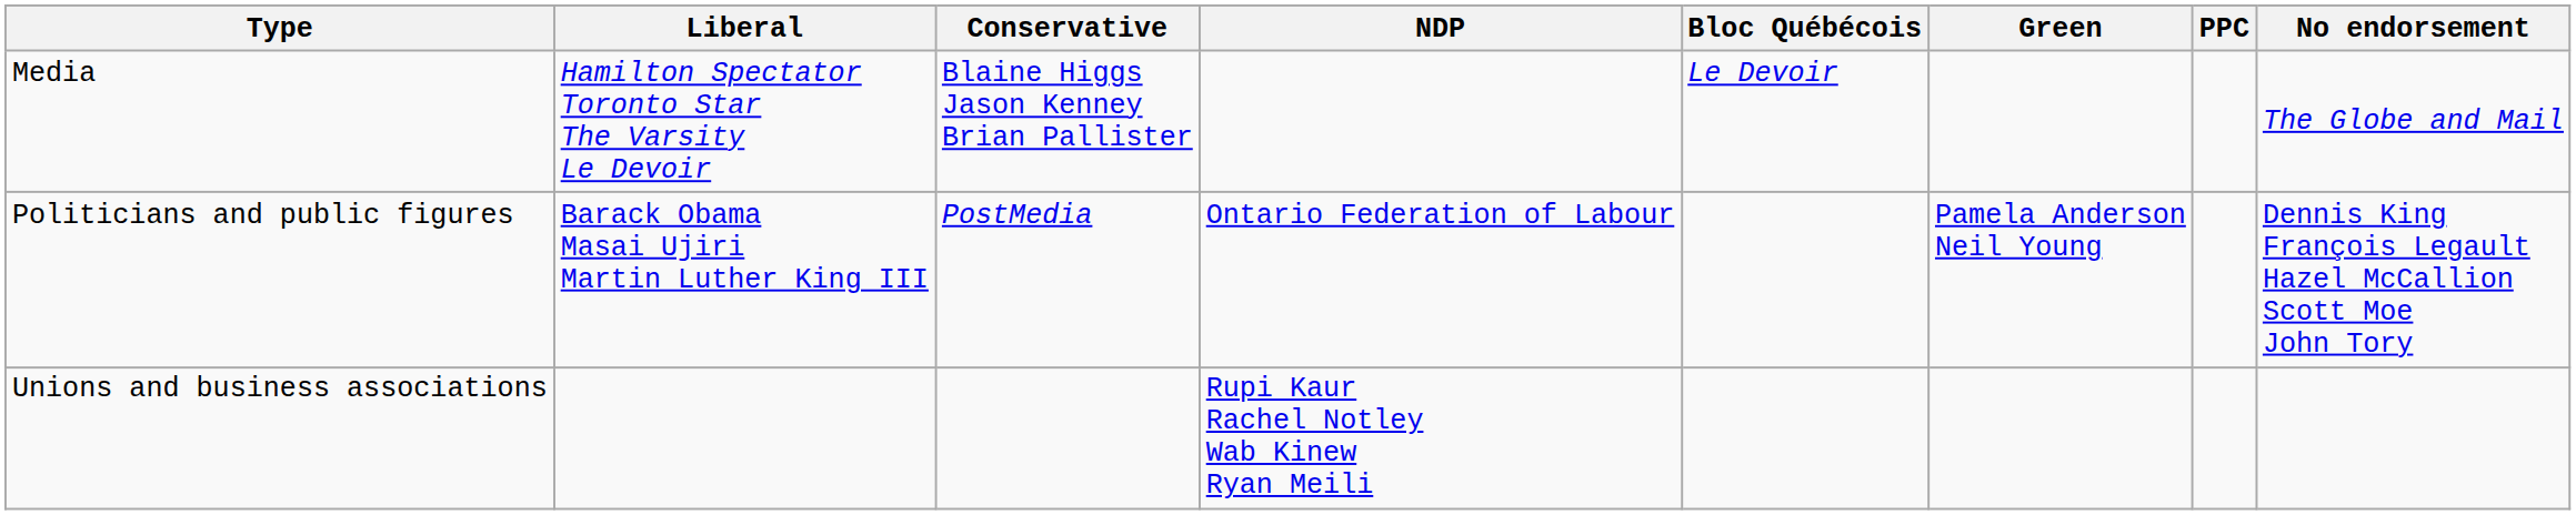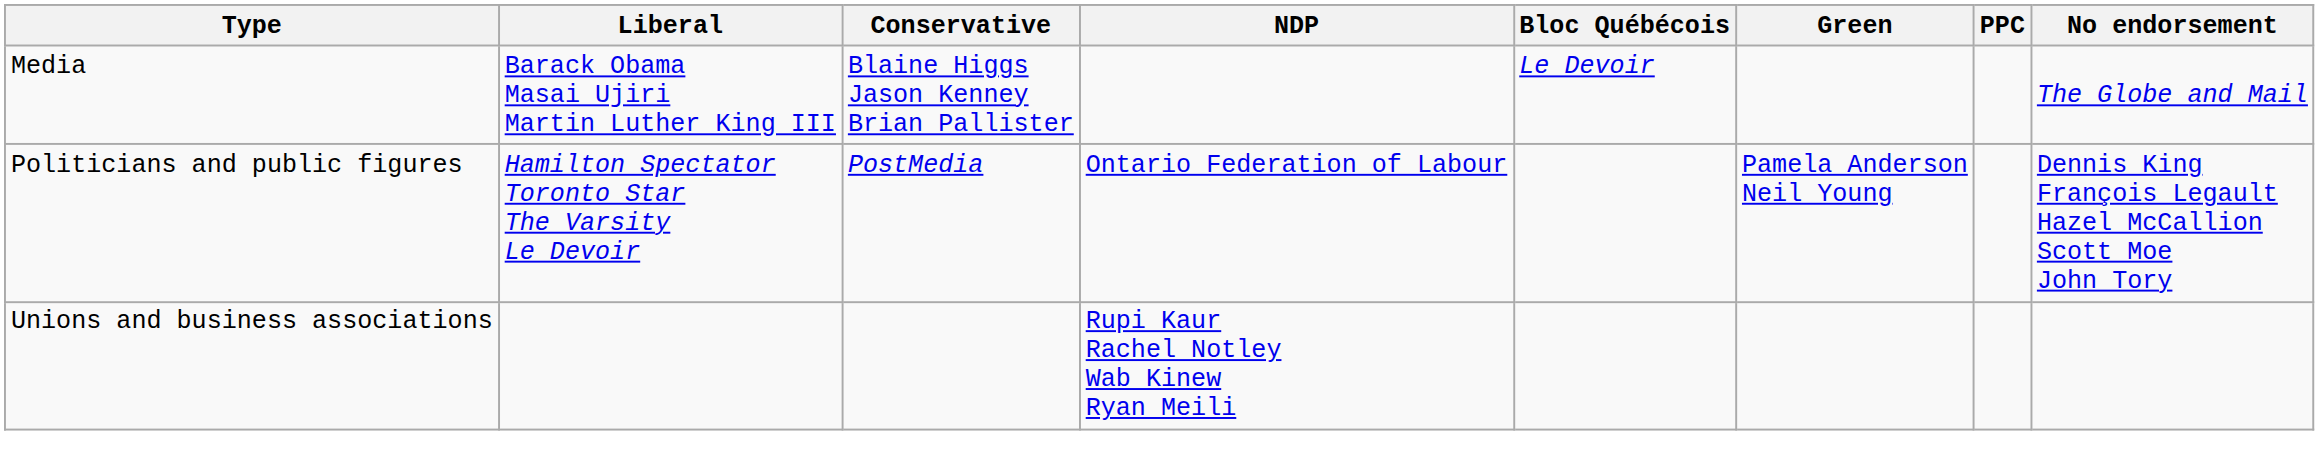 <table class="wikitable">
 <tr>
 <th>Type</th>
 <th style="background-color:">Liberal</th>
 <th style="background-color:">Conservative</th>
 <th style="background-color:">NDP</th>
 <th style="background-color:">Bloc Québécois</th>
 <th style="background-color:">Green</th>
 <th style="background-color:"><span>PPC</span></th>
 <th style="background-color:">No endorsement</th>
 </tr>
 <tr>
 <td valign="top">Media</td>
-<td valign="top"><em><a href='#'>Hamilton Spectator</a></em><br><em><a href='#'>Toronto Star</a></em><br><em><a href='#'>The Varsity</a></em><br><em><a href='#'>Le Devoir</a></em></td>
+<td valign="top"><a href='#'>Barack Obama</a><br><a href='#'>Masai Ujiri</a><br><a href='#'>Martin Luther King III</a></td>
 <td valign="top"><a href='#'>Blaine Higgs</a><br><a href='#'>Jason Kenney</a><br><a href='#'>Brian Pallister</a></td>
 <td></td>
 <td valign="top"><em><a href='#'>Le Devoir</a></em></td>
 <td></td>
 <td></td>
 <td><em><a href='#'>The Globe and Mail</a></em></td>
 </tr>
 <tr>
 <td valign="top">Politicians and public figures</td>
-<td valign="top"><a href='#'>Barack Obama</a><br><a href='#'>Masai Ujiri</a><br><a href='#'>Martin Luther King III</a></td>
+<td valign="top"><em><a href='#'>Hamilton Spectator</a></em><br><em><a href='#'>Toronto Star</a></em><br><em><a href='#'>The Varsity</a></em><br><em><a href='#'>Le Devoir</a></em></td>
 <td valign="top"><em><a href='#'>PostMedia</a></em></td>
 <td valign="top"><a href='#'>Ontario Federation of Labour</a></td>
 <td></td>
 <td valign="top"><a href='#'>Pamela Anderson</a><br><a href='#'>Neil Young</a></td>
 <td></td>
 <td valign="top"><a href='#'>Dennis King</a><br><a href='#'>François Legault</a><br><a href='#'>Hazel McCallion</a><br><a href='#'>Scott Moe</a><br><a href='#'>John Tory</a></td>
 </tr>
 <tr>
 <td valign="top">Unions and business associations</td>
 <td></td>
 <td></td>
 <td valign="top"><a href='#'>Rupi Kaur</a><br><a href='#'>Rachel Notley</a><br><a href='#'>Wab Kinew</a><br><a href='#'>Ryan Meili</a></td>
 <td></td>
 <td></td>
 <td></td>
 <td></td>
 </tr>
 </table>
